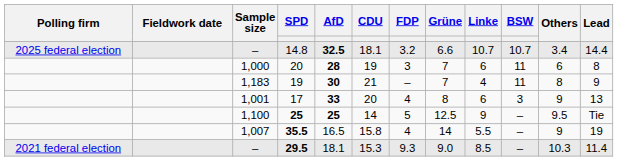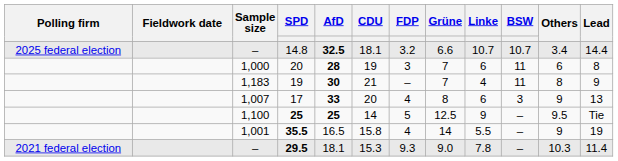 <table class="wikitable sortable mw-datatable mw-collapsible" style="text-align:center;font-size:90%;line-height:14px;">
 <tr style="height:40px;">
 <th style="width:155px;" rowspan="2">Polling firm</th>
 <th style="width:120px;" rowspan="2">Fieldwork date</th>
 <th style="width: 35px;" rowspan="2">Sample<br>size</th>
 <th class="unsortable" style="width:40px;"><a href='#'>SPD</a></th>
 <th class="unsortable" style="width:40px;"><a href='#'>AfD</a></th>
 <th class="unsortable" style="width:40px;"><a href='#'>CDU</a></th>
 <th class="unsortable" style="width:40px;"><a href='#'>FDP</a></th>
 <th class="unsortable" style="width:40px;"><a href='#'>Grüne</a></th>
 <th class="unsortable" style="width:40px;"><a href='#'>Linke</a></th>
 <th class="unsortable" style="width:40px;"><a href='#'>BSW</a></th>
 <th class="unsortable" style="width:30px;" rowspan="2">Others</th>
 <th style="width:30px;" rowspan="2">Lead</th>
 </tr>
 <tr>
 <th style="background:"></th>
 <th style="background:"></th>
 <th style="background:"></th>
 <th style="background:"></th>
 <th style="background:"></th>
 <th style="background:"></th>
 <th style="background:"></th>
 </tr>
 <tr style="background:#E9E9E9;">
 <td><a href='#'>2025 federal election</a></td>
 <td></td>
 <td>–</td>
 <td>14.8</td>
 <td><strong>32.5</strong></td>
 <td>18.1</td>
 <td>3.2</td>
 <td>6.6</td>
 <td>10.7</td>
 <td>10.7</td>
 <td>3.4</td>
 <td style="background:">14.4</td>
 </tr>
 <tr>
 <td></td>
 <td></td>
 <td>1,000</td>
 <td>20</td>
 <td><strong>28</strong></td>
 <td>19</td>
 <td>3</td>
 <td>7</td>
 <td>6</td>
 <td>11</td>
 <td>6</td>
 <td style="background:">8</td>
 </tr>
 <tr>
 <td></td>
 <td></td>
 <td>1,183</td>
 <td>19</td>
 <td><strong>30</strong></td>
 <td>21</td>
 <td>–</td>
 <td>7</td>
 <td>4</td>
 <td>11</td>
 <td>8</td>
 <td style="background:">9</td>
 </tr>
 <tr>
 <td></td>
 <td></td>
-<td>1,001</td>
+<td>1,007</td>
 <td>17</td>
 <td><strong>33</strong></td>
 <td>20</td>
 <td>4</td>
 <td>8</td>
 <td>6</td>
 <td>3</td>
 <td>9</td>
 <td style="background:">13</td>
 </tr>
 <tr>
 <td></td>
 <td></td>
 <td>1,100</td>
 <td><strong>25</strong></td>
 <td><strong>25</strong></td>
 <td>14</td>
 <td>5</td>
 <td>12.5</td>
 <td>9</td>
 <td>–</td>
 <td>9.5</td>
 <td>Tie</td>
 </tr>
 <tr>
 <td></td>
 <td></td>
-<td>1,007</td>
+<td>1,001</td>
 <td><strong>35.5</strong></td>
 <td>16.5</td>
 <td>15.8</td>
 <td>4</td>
 <td>14</td>
 <td>5.5</td>
 <td>–</td>
 <td>9</td>
 <td style="background:">19</td>
 </tr>
 <tr style="background:#E9E9E9;">
 <td><a href='#'>2021 federal election</a></td>
 <td></td>
 <td>–</td>
 <td><strong>29.5</strong></td>
 <td>18.1</td>
 <td>15.3</td>
 <td>9.3</td>
 <td>9.0</td>
-<td>8.5</td>
+<td>7.8</td>
 <td>–</td>
 <td>10.3</td>
 <td style="background:">11.4</td>
 </tr>
 </table>
